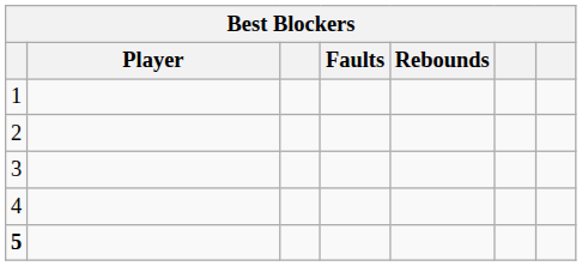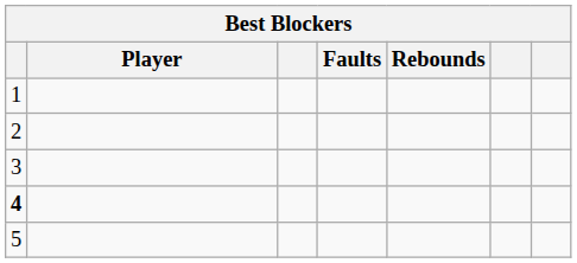 <table class="wikitable sortable" style=font-size:90%>
 <tr>
 <th colspan=7>Best Blockers</th>
 </tr>
 <tr>
 <th></th>
 <th width=158>Player</th>
 <th width=20></th>
 <th width=20>Faults</th>
 <th width=20>Rebounds</th>
 <th width=20></th>
 <th width=20></th>
 </tr>
 <tr>
 <td>1</td>
 <td></td>
 <td align=center></td>
 <td align=center></td>
 <td align=center></td>
 <td align=center></td>
 <td align=center></td>
 </tr>
 <tr>
 <td>2</td>
 <td></td>
 <td align=center></td>
 <td align=center></td>
 <td align=center></td>
 <td align=center></td>
 <td align=center></td>
 </tr>
 <tr>
 <td>3</td>
 <td></td>
 <td align=center></td>
 <td align=center></td>
 <td align=center></td>
 <td align=center></td>
 <td align=center></td>
 </tr>
 <tr>
-<td>4</td>
+<td><strong>4</strong></td>
 <td></td>
 <td align=center></td>
 <td align=center></td>
 <td align=center></td>
 <td align=center></td>
 <td align=center></td>
 </tr>
 <tr>
-<td><strong>5</strong></td>
+<td>5</td>
 <td></td>
 <td align=center></td>
 <td align=center></td>
 <td align=center></td>
 <td align=center></td>
 <td align=center></td>
 </tr>
 </table>
